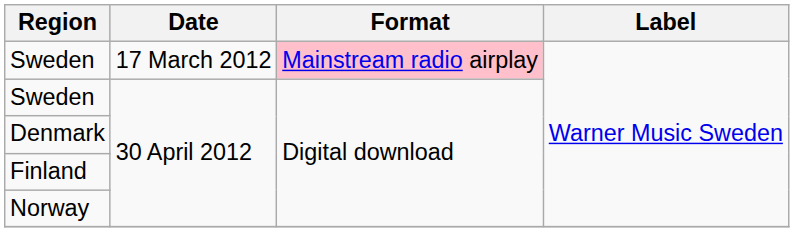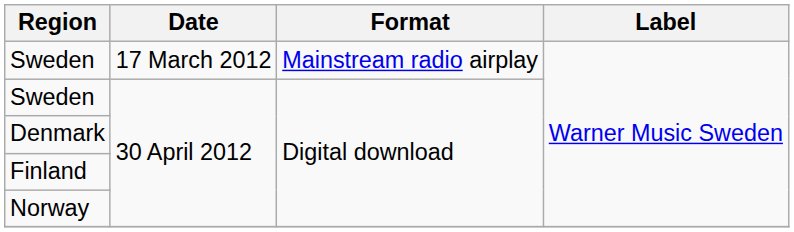 <table class="wikitable">
 <tr>
 <th scope="col">Region</th>
 <th scope="col">Date</th>
 <th scope="col">Format</th>
 <th scope="col">Label</th>
 </tr>
 <tr>
 <td>Sweden</td>
 <td>17 March 2012</td>
-<td style="background: pink;"><a href='#'>Mainstream radio</a> airplay</td>
+<td><a href='#'>Mainstream radio</a> airplay</td>
 <td rowspan="5"><a href='#'>Warner Music Sweden</a></td>
 </tr>
 <tr>
 <td>Sweden</td>
 <td rowspan="4">30 April 2012</td>
 <td rowspan="4">Digital download</td>
 </tr>
 <tr>
 <td>Denmark</td>
 </tr>
 <tr>
 <td>Finland</td>
 </tr>
 <tr>
 <td>Norway</td>
 </tr>
 <tr>
 </tr>
 </table>
